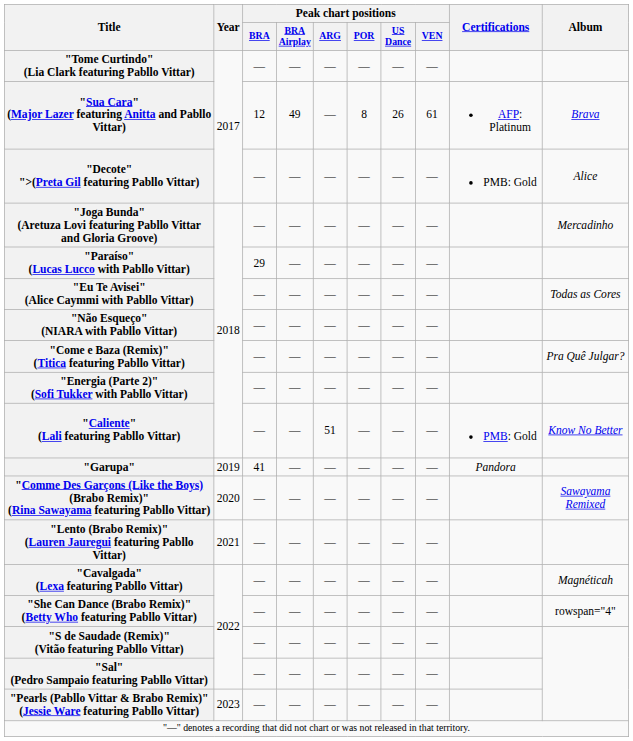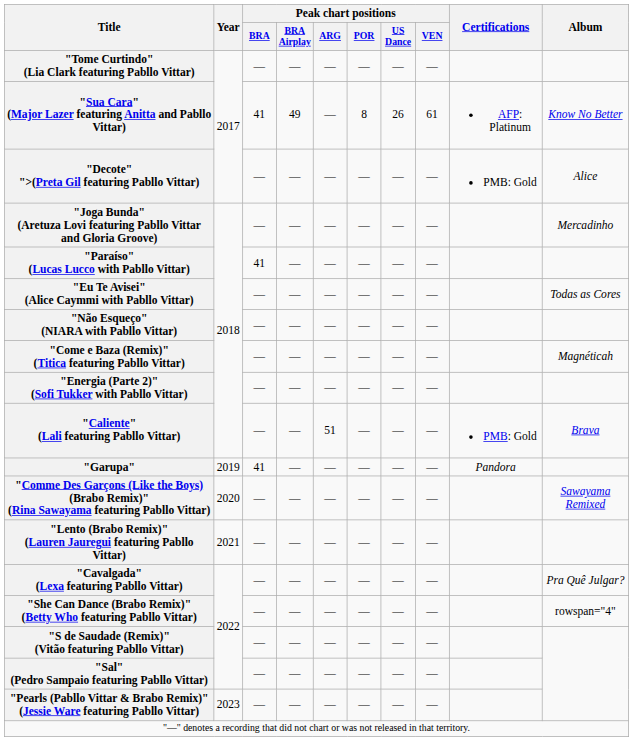 <table class="wikitable plainrowheaders" style="text-align:center;">
 <tr>
 <th scope="col" rowspan="2">Title</th>
 <th scope="col" rowspan="2">Year</th>
 <th scope="col" colspan="6">Peak chart positions</th>
 <th scope="col" rowspan="2"><a href='#'>Certifications</a></th>
 <th scope="col" rowspan="2">Album</th>
 </tr>
 <tr>
 <th scope="col" style="width:3em;font-size:85%;"><a href='#'>BRA</a><br></th>
 <th scope="col" style="width:3em;font-size:85%;"><a href='#'>BRA<br>Airplay</a><br></th>
 <th scope="col" style="width:3em;font-size:85%;"><a href='#'>ARG</a><br></th>
 <th scope="col" style="width:3em;font-size:85%;"><a href='#'>POR</a><br></th>
 <th scope="col" style="width:3em;font-size:85%;"><a href='#'>US<br>Dance</a><br></th>
 <th scope="col" style="width:3em;font-size:85%;"><a href='#'>VEN</a><br></th>
 </tr>
 <tr>
 <th scope="row">"Tome Curtindo" <br><span>(Lia Clark featuring Pabllo Vittar)</span></th>
 <td rowspan="3">2017</td>
 <td>—</td>
 <td>—</td>
 <td>—</td>
 <td>—</td>
 <td>—</td>
 <td>—</td>
 <td></td>
 <td></td>
 </tr>
 <tr>
 <th scope="row">"<a href='#'>Sua Cara</a>"<br><span>(<a href='#'>Major Lazer</a> featuring <a href='#'>Anitta</a> and Pabllo Vittar)</span></th>
-<td>12</td>
+<td>41</td>
 <td>49</td>
 <td>—</td>
 <td>8</td>
 <td>26</td>
 <td>61</td>
 <td><br><ul><li><a href='#'>AFP</a>: Platinum</li></ul></td>
-<td><em><a href='#'>Brava</a></em></td>
+<td align="center"><em><a href='#'>Know No Better</a></em></td>
 </tr>
 <tr>
 <th scope="row">"Decote"<br><span>">(<a href='#'>Preta Gil</a> featuring Pabllo Vittar)</span></th>
 <td>—</td>
 <td>—</td>
 <td>—</td>
 <td>—</td>
 <td>—</td>
 <td>—</td>
 <td><br><ul><li>PMB: Gold</li></ul></td>
 <td><em>Alice</em></td>
 </tr>
 <tr>
 <th scope="row">"Joga Bunda"<br><span>(Aretuza Lovi featuring Pabllo Vittar and Gloria Groove)</span></th>
 <td rowspan="7">2018</td>
 <td>—</td>
 <td>—</td>
 <td>—</td>
 <td>—</td>
 <td>—</td>
 <td>—</td>
 <td></td>
 <td><em>Mercadinho</em></td>
 </tr>
 <tr>
 <th scope="row">"Paraíso"<br><span>(<a href='#'>Lucas Lucco</a> with Pabllo Vittar)</span></th>
-<td>29</td>
+<td>41</td>
 <td>—</td>
 <td>—</td>
 <td>—</td>
 <td>—</td>
 <td>—</td>
 <td></td>
 <td></td>
 </tr>
 <tr>
 <th scope="row">"Eu Te Avisei"<br><span>(Alice Caymmi with Pabllo Vittar)</span></th>
 <td>—</td>
 <td>—</td>
 <td>—</td>
 <td>—</td>
 <td>—</td>
 <td>—</td>
 <td></td>
 <td><em>Todas as Cores</em></td>
 </tr>
 <tr>
 <th scope="row">"Não Esqueço"<br><span>(NIARA with Pabllo Vittar)</span></th>
 <td>—</td>
 <td>—</td>
 <td>—</td>
 <td>—</td>
 <td>—</td>
 <td>—</td>
 <td></td>
 <td></td>
 </tr>
 <tr>
 <th scope="row">"Come e Baza (Remix)"<br><span>(<a href='#'>Titica</a> featuring Pabllo Vittar)</span></th>
 <td>—</td>
 <td>—</td>
 <td>—</td>
 <td>—</td>
 <td>—</td>
 <td>—</td>
 <td></td>
-<td><em>Pra Quê Julgar?</em></td>
+<td><em>Magnéticah</em></td>
 </tr>
 <tr>
 <th scope="row">"Energia (Parte 2)"<br><span>(<a href='#'>Sofi Tukker</a> with Pabllo Vittar)</span></th>
 <td>—</td>
 <td>—</td>
 <td>—</td>
 <td>—</td>
 <td>—</td>
 <td>—</td>
 <td></td>
 <td></td>
 </tr>
 <tr>
 <th scope="row">"<a href='#'>Caliente</a>"<br><span>(<a href='#'>Lali</a> featuring Pabllo Vittar)</span></th>
 <td>—</td>
 <td>—</td>
 <td>51</td>
 <td>—</td>
 <td>—</td>
 <td>—</td>
 <td><br><ul><li><a href='#'>PMB</a>: Gold</li></ul></td>
-<td align="center"><em><a href='#'>Know No Better</a></em></td>
+<td><em><a href='#'>Brava</a></em></td>
 </tr>
 <tr>
 <th scope="row">"Garupa"<br></th>
 <td>2019</td>
 <td>41</td>
 <td>—</td>
 <td>—</td>
 <td>—</td>
 <td>—</td>
 <td>—</td>
 <td><em>Pandora</em></td>
 </tr>
 <tr>
 <th scope="row">"<a href='#'>Comme Des Garçons (Like the Boys)</a> (Brabo Remix)"<br><span>(<a href='#'>Rina Sawayama</a> featuring Pabllo Vittar)</span></th>
 <td>2020</td>
 <td>—</td>
 <td>—</td>
 <td>—</td>
 <td>—</td>
 <td>—</td>
 <td>—</td>
 <td></td>
 <td><em><a href='#'>Sawayama Remixed</a></em></td>
 </tr>
 <tr>
 <th scope="row">"Lento (Brabo Remix)"<br><span>(<a href='#'>Lauren Jauregui</a> featuring Pabllo Vittar)</span></th>
 <td>2021</td>
 <td>—</td>
 <td>—</td>
 <td>—</td>
 <td>—</td>
 <td>—</td>
 <td>—</td>
 <td></td>
 <td></td>
 </tr>
 <tr>
 <th scope="row">"Cavalgada"<br><span>(<a href='#'>Lexa</a> featuring Pabllo Vittar)</span></th>
 <td rowspan="4">2022</td>
 <td>—</td>
 <td>—</td>
 <td>—</td>
 <td>—</td>
 <td>—</td>
 <td>—</td>
 <td></td>
-<td><em>Magnéticah</em></td>
+<td><em>Pra Quê Julgar?</em></td>
 </tr>
 <tr>
 <th scope="row">"She Can Dance (Brabo Remix)"<br><span>(<a href='#'>Betty Who</a> featuring Pabllo Vittar)</span></th>
 <td>—</td>
 <td>—</td>
 <td>—</td>
 <td>—</td>
 <td>—</td>
 <td>—</td>
 <td></td>
 <td>rowspan="4" </td>
 </tr>
 <tr>
 <th scope="row">"S de Saudade (Remix)"<br><span>(Vitão featuring Pabllo Vittar)</span></th>
 <td>—</td>
 <td>—</td>
 <td>—</td>
 <td>—</td>
 <td>—</td>
 <td>—</td>
 <td></td>
 </tr>
 <tr>
 <th scope="row">"Sal"<br><span>(Pedro Sampaio featuring Pabllo Vittar)</span></th>
 <td>—</td>
 <td>—</td>
 <td>—</td>
 <td>—</td>
 <td>—</td>
 <td>—</td>
 <td></td>
 </tr>
 <tr>
 <th scope="row">"Pearls (Pabllo Vittar & Brabo Remix)"<br><span>(<a href='#'>Jessie Ware</a> featuring Pabllo Vittar)</span></th>
 <td>2023</td>
 <td>—</td>
 <td>—</td>
 <td>—</td>
 <td>—</td>
 <td>—</td>
 <td>—</td>
 <td></td>
 </tr>
 <tr>
 <td colspan="15" style="text-align:center; font-size:85%">"—" denotes a recording that did not chart or was not released in that territory.</td>
 </tr>
 </table>
